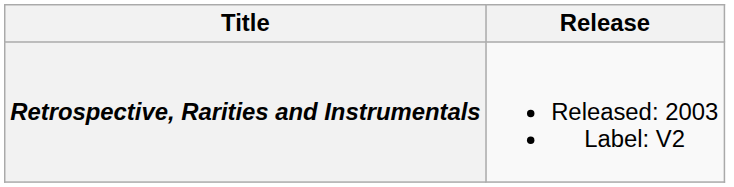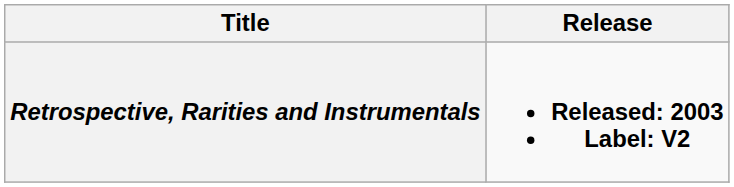 <table class="wikitable plainrowheaders" style="text-align:center;">
 <tr>
 <th scope="col">Title</th>
 <th scope="col">Release</th>
 </tr>
 <tr>
 <th scope="row"><em>Retrospective, Rarities and Instrumentals</em></th>
-<td><br><ul><li>Released: 2003</li><li>Label: V2</li></ul></td>
+<td><strong><br><ul><li>Released: 2003</li><li>Label: V2</li></ul></strong></td>
 </tr>
 </table>
